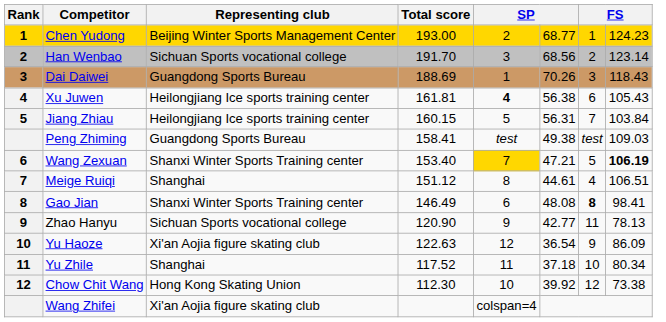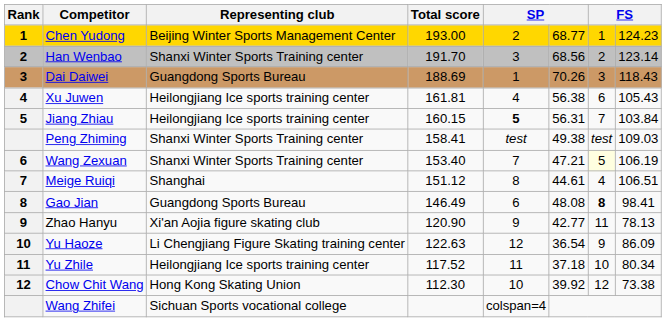 <table class="wikitable sortable">
 <tr>
 <th>Rank</th>
 <th>Competitor</th>
 <th>Representing club</th>
 <th>Total score</th>
 <th colspan="2" width="80px" align="center"><a href='#'>SP</a></th>
 <th colspan="2" width="80px" align="center"><a href='#'>FS</a></th>
 </tr>
 <tr bgcolor="gold">
 <td align="center"><strong>1</strong></td>
 <td><a href='#'>Chen Yudong</a></td>
 <td>Beijing Winter Sports Management Center</td>
 <td align="center">193.00</td>
 <td align="center">2</td>
 <td align="center">68.77</td>
 <td align="center">1</td>
 <td align="center">124.23</td>
 </tr>
 <tr bgcolor="silver">
 <td align="center"><strong>2</strong></td>
 <td><a href='#'>Han Wenbao</a></td>
-<td>Sichuan Sports vocational college</td>
+<td>Shanxi Winter Sports Training center</td>
 <td align="center">191.70</td>
 <td align="center">3</td>
 <td align="center">68.56</td>
 <td align="center">2</td>
 <td align="center">123.14</td>
 </tr>
 <tr bgcolor="cc9966">
 <td align="center"><strong>3</strong></td>
 <td><a href='#'>Dai Daiwei</a></td>
 <td>Guangdong Sports Bureau</td>
 <td align="center">188.69</td>
 <td align="center">1</td>
 <td align="center">70.26</td>
 <td align="center">3</td>
 <td align="center">118.43</td>
 </tr>
 <tr>
 <th>4</th>
 <td><a href='#'>Xu Juwen</a></td>
 <td>Heilongjiang Ice sports training center</td>
 <td align="center">161.81</td>
-<td align="center"><strong>4</strong></td>
+<td align="center">4</td>
 <td align="center">56.38</td>
 <td align="center">6</td>
 <td align="center">105.43</td>
 </tr>
 <tr>
 <th>5</th>
 <td><a href='#'>Jiang Zhiau</a></td>
 <td>Heilongjiang Ice sports training center</td>
 <td align="center">160.15</td>
-<td align="center">5</td>
+<td align="center"><strong>5</strong></td>
 <td align="center">56.31</td>
 <td align="center">7</td>
 <td align="center">103.84</td>
 </tr>
 <tr>
 <th></th>
 <td><a href='#'>Peng Zhiming</a></td>
-<td>Guangdong Sports Bureau</td>
+<td>Shanxi Winter Sports Training center</td>
 <td align="center">158.41</td>
 <td align="center"><em>test</em></td>
 <td align="center">49.38</td>
 <td align="center"><em>test</em></td>
 <td align="center">109.03</td>
 </tr>
 <tr>
 <th>6</th>
 <td><a href='#'>Wang Zexuan</a></td>
 <td>Shanxi Winter Sports Training center</td>
 <td align="center">153.40</td>
-<td align="center" style="background: gold;">7</td>
+<td align="center">7</td>
 <td align="center">47.21</td>
-<td align="center">5</td>
-<td align="center"><strong>106.19</strong></td>
+<td align="center" style="background: lightyellow;">5</td>
+<td align="center">106.19</td>
 </tr>
 <tr>
 <th>7</th>
 <td><a href='#'>Meige Ruiqi</a></td>
 <td>Shanghai</td>
 <td align="center">151.12</td>
 <td align="center">8</td>
 <td align="center">44.61</td>
 <td align="center">4</td>
 <td align="center">106.51</td>
 </tr>
 <tr>
 <th>8</th>
 <td><a href='#'>Gao Jian</a></td>
-<td>Shanxi Winter Sports Training center</td>
+<td>Guangdong Sports Bureau</td>
 <td align="center">146.49</td>
 <td align="center">6</td>
 <td align="center">48.08</td>
 <td align="center"><strong>8</strong></td>
 <td align="center">98.41</td>
 </tr>
 <tr>
 <th>9</th>
 <td>Zhao Hanyu</td>
-<td>Sichuan Sports vocational college</td>
+<td>Xi'an Aojia figure skating club</td>
 <td align="center">120.90</td>
 <td align="center">9</td>
 <td align="center">42.77</td>
 <td align="center">11</td>
 <td align="center">78.13</td>
 </tr>
 <tr>
 <th>10</th>
 <td><a href='#'>Yu Haoze</a></td>
-<td>Xi'an Aojia figure skating club</td>
+<td>Li Chengjiang Figure Skating training center</td>
 <td align="center">122.63</td>
 <td align="center">12</td>
 <td align="center">36.54</td>
 <td align="center">9</td>
 <td align="center">86.09</td>
 </tr>
 <tr>
 <th>11</th>
 <td><a href='#'>Yu Zhile</a></td>
-<td>Shanghai</td>
+<td>Heilongjiang Ice sports training center</td>
 <td align="center">117.52</td>
 <td align="center">11</td>
 <td align="center">37.18</td>
 <td align="center">10</td>
 <td align="center">80.34</td>
 </tr>
 <tr>
 <th>12</th>
 <td><a href='#'>Chow Chit Wang</a></td>
 <td>Hong Kong Skating Union</td>
 <td align="center">112.30</td>
 <td align="center">10</td>
 <td align="center">39.92</td>
 <td align="center">12</td>
 <td align="center">73.38</td>
 </tr>
 <tr>
 <th></th>
 <td><a href='#'>Wang Zhifei</a></td>
-<td>Xi'an Aojia figure skating club</td>
+<td>Sichuan Sports vocational college</td>
 <td></td>
 <td>colspan=4 </td>
 </tr>
 </table>
